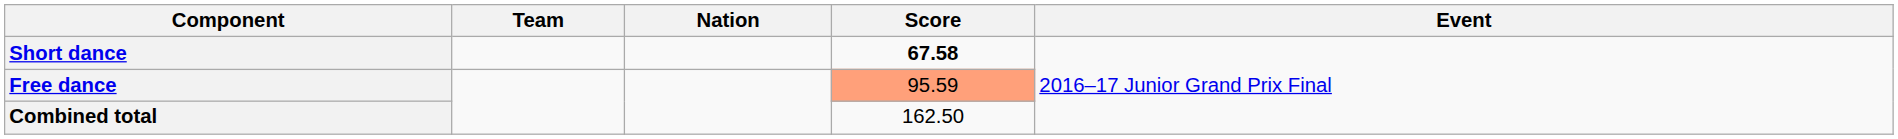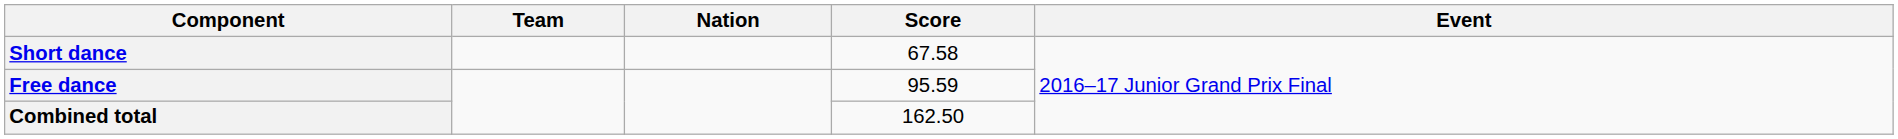 <table class="wikitable unsortable" style="text-align:left; width:75%">
 <tr>
 <th scope="col">Component</th>
 <th scope="col">Team</th>
 <th scope="col">Nation</th>
 <th scope="col">Score</th>
 <th scope="col">Event</th>
 </tr>
 <tr>
 <th scope="row" style="text-align:left"><a href='#'>Short dance</a></th>
 <td></td>
 <td></td>
-<td style="text-align:center"><strong>67.58</strong></td>
+<td style="text-align:center">67.58</td>
 <td rowspan="3"><a href='#'>2016–17 Junior Grand Prix Final</a></td>
 </tr>
 <tr>
 <th scope="row" style="text-align:left"><a href='#'>Free dance</a></th>
 <td rowspan="2"></td>
 <td rowspan="2"></td>
-<td style="background: lightsalmon; text-align:center">95.59</td>
+<td style="text-align:center">95.59</td>
 </tr>
 <tr>
 <th scope="row" style="text-align:left">Combined total</th>
 <td style="text-align:center">162.50</td>
 </tr>
 </table>
